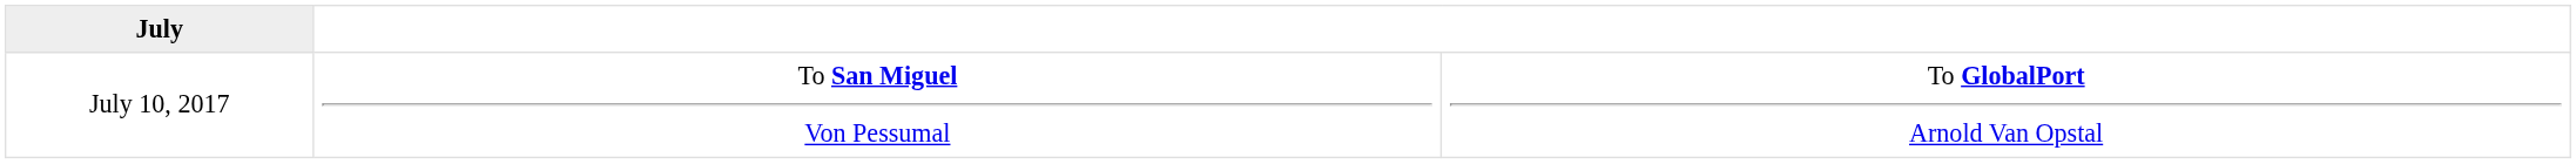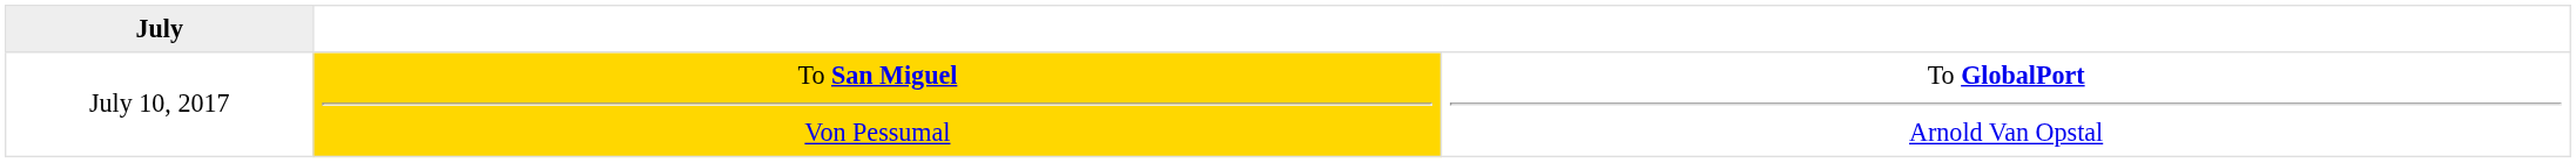 <table border=1 style="border-collapse:collapse; text-align: center; width: 100%" bordercolor="#DFDFDF"  cellpadding="5">
 <tr bgcolor="eeeeee">
 <th>July</th>
 </tr>
 <tr>
 <td style="width:12%">July 10, 2017</td>
-<td style="width:44%" valign="top">To <strong><a href='#'>San Miguel</a></strong><hr><a href='#'>Von Pessumal</a></td>
+<td style="background: gold; width:44%" valign="top">To <strong><a href='#'>San Miguel</a></strong><hr><a href='#'>Von Pessumal</a></td>
 <td style="width:44%" valign="top">To <strong><a href='#'>GlobalPort</a></strong><hr><a href='#'>Arnold Van Opstal</a></td>
 </tr>
 </table>
